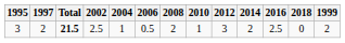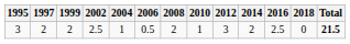 <table class="wikitable" style="text-align:center">
 <tr>
 <th>1995</th>
 <th>1997</th>
-<th>Total</th>
+<th>1999</th>
 <th>2002</th>
 <th>2004</th>
 <th>2006</th>
 <th>2008</th>
 <th>2010</th>
 <th>2012</th>
 <th>2014</th>
 <th>2016</th>
 <th>2018</th>
-<th>1999</th>
+<th>Total</th>
 </tr>
 <tr>
 <td>3</td>
 <td>2</td>
-<td><strong>21.5</strong></td>
+<td>2</td>
 <td>2.5</td>
 <td>1</td>
 <td>0.5</td>
 <td>2</td>
 <td>1</td>
 <td>3</td>
 <td>2</td>
 <td>2.5</td>
 <td>0</td>
-<td>2</td>
+<td><strong>21.5</strong></td>
 </tr>
 </table>
